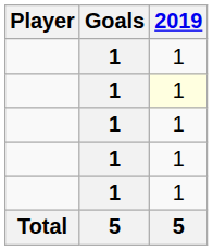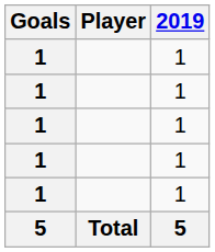 <table class="wikitable sortable" style="text-align:center;">
 <tr>
+<th>Goals</th>
 <th>Player</th>
-<th>Goals</th>
 <th><a href='#'>2019</a></th>
 </tr>
 <tr>
+<th>1</th>
 <td align="left"></td>
-<th>1</th>
 <td>1</td>
 </tr>
 <tr>
+<th>1</th>
 <td align="left"></td>
-<th>1</th>
-<td style="background: lightyellow;">1</td>
-</tr>
-<tr>
-<td align="left"></td>
-<th>1</th>
 <td>1</td>
 </tr>
 <tr>
+<th>1</th>
 <td align="left"></td>
-<th>1</th>
 <td>1</td>
 </tr>
 <tr>
+<th>1</th>
 <td align="left"></td>
+<td>1</td>
+</tr>
+<tr>
 <th>1</th>
+<td align="left"></td>
 <td>1</td>
 </tr>
 <tr class="sortbottom">
+<th>5</th>
 <th>Total</th>
-<th>5</th>
 <th>5</th>
 </tr>
 </table>
